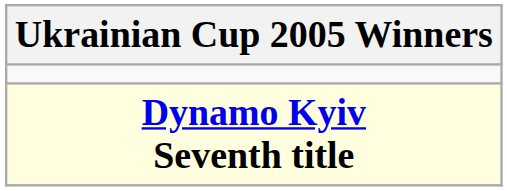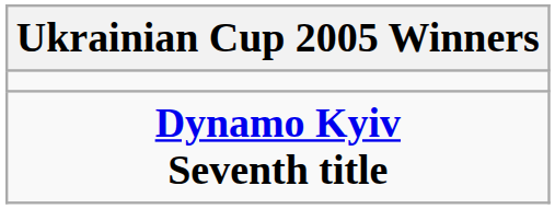 <table class="wikitable" style="text-align: center; margin: 0 auto;">
 <tr>
 <th>Ukrainian Cup 2005 Winners</th>
 </tr>
 <tr>
 <td></td>
 </tr>
 <tr>
-<td style="background: lightyellow;"><strong><a href='#'>Dynamo Kyiv</a></strong><br><strong>Seventh title</strong></td>
+<td><strong><a href='#'>Dynamo Kyiv</a></strong><br><strong>Seventh title</strong></td>
 </tr>
 </table>
